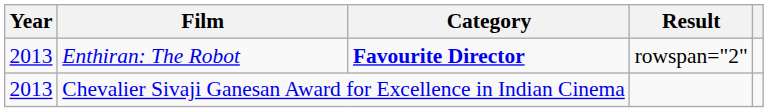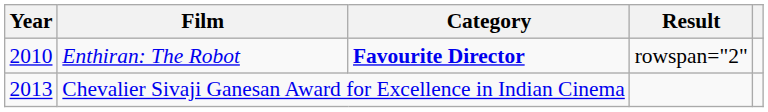 <table class="wikitable sortable">
 <tr>
 <th scope="col">Year</th>
 <th scope="col">Film</th>
 <th scope="col">Category</th>
 <th scope="col">Result</th>
 <th class="unsortable" scope="col"></th>
 </tr>
 <tr>
-<td><a href='#'>2013</a></td>
+<td><a href='#'>2010</a></td>
 <td><em><a href='#'>Enthiran: The Robot</a></em></td>
 <td><strong><a href='#'>Favourite Director</a></strong></td>
 <td>rowspan="2" </td>
 <td></td>
 </tr>
 <tr>
 <td><a href='#'>2013</a></td>
 <td colspan="2"><a href='#'>Chevalier Sivaji Ganesan Award for Excellence in Indian Cinema</a></td>
 <td></td>
 </tr>
 </table>
